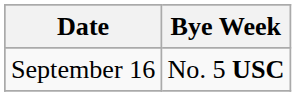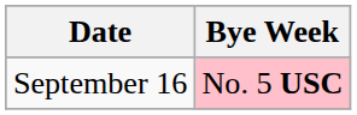 <table class="wikitable" style="font-size:95%;">
 <tr>
 <th>Date</th>
 <th colspan="2">Bye Week</th>
 </tr>
 <tr>
 <td>September 16</td>
-<td>No. 5 <strong>USC</strong></td>
+<td style="background: pink;">No. 5 <strong>USC</strong></td>
 </tr>
 </table>
